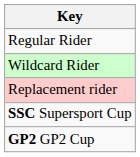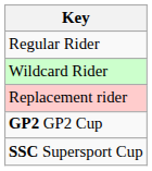 <table class="wikitable" style="font-size:85%;">
 <tr>
 <th>Key</th>
 </tr>
 <tr>
 <td>Regular Rider</td>
 </tr>
 <tr>
 <td style="background:#ccffcc;">Wildcard Rider</td>
 </tr>
 <tr>
 <td style="background:#ffcccc;">Replacement rider</td>
 </tr>
 <tr>
+<td align=left><strong><span>GP2</span></strong> GP2 Cup</td>
+</tr>
+<tr>
 <td align=center><strong><span>SSC</span></strong> Supersport Cup</td>
 </tr>
-<tr>
-<td align=left><strong><span>GP2</span></strong> GP2 Cup</td>
-</tr>
 </table>
